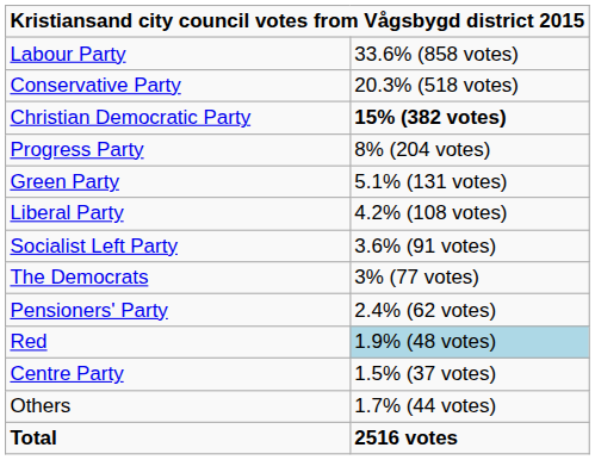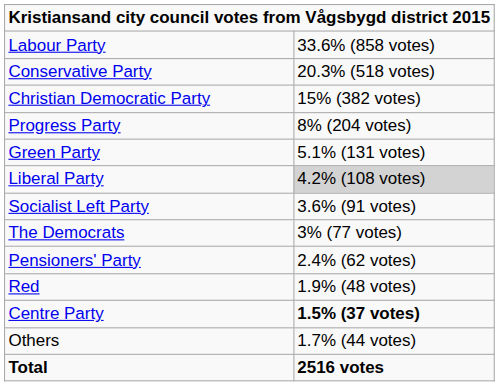 <table class="wikitable" style="center;">
 <tr>
 <td colspan="2"><strong>Kristiansand city council votes from Vågsbygd district 2015</strong></td>
 </tr>
 <tr>
 <td><a href='#'>Labour Party</a></td>
 <td>33.6% (858 votes)</td>
 </tr>
 <tr>
 <td><a href='#'>Conservative Party</a></td>
 <td>20.3% (518 votes)</td>
 </tr>
 <tr>
 <td><a href='#'>Christian Democratic Party</a></td>
-<td><strong>15% (382 votes)</strong></td>
+<td>15% (382 votes)</td>
 </tr>
 <tr>
 <td><a href='#'>Progress Party</a></td>
 <td>8% (204 votes)</td>
 </tr>
 <tr>
 <td><a href='#'>Green Party</a></td>
 <td>5.1% (131 votes)</td>
 </tr>
 <tr>
 <td><a href='#'>Liberal Party</a></td>
-<td>4.2% (108 votes)</td>
+<td style="background: lightgrey;">4.2% (108 votes)</td>
 </tr>
 <tr>
 <td><a href='#'>Socialist Left Party</a></td>
 <td>3.6% (91 votes)</td>
 </tr>
 <tr>
 <td><a href='#'>The Democrats</a></td>
 <td>3% (77 votes)</td>
 </tr>
 <tr>
 <td><a href='#'>Pensioners' Party</a></td>
 <td>2.4% (62 votes)</td>
 </tr>
 <tr>
 <td><a href='#'>Red</a></td>
-<td style="background: lightblue;">1.9% (48 votes)</td>
+<td>1.9% (48 votes)</td>
 </tr>
 <tr>
 <td><a href='#'>Centre Party</a></td>
-<td>1.5% (37 votes)</td>
+<td><strong>1.5% (37 votes)</strong></td>
 </tr>
 <tr>
 <td>Others</td>
 <td>1.7% (44 votes)</td>
 </tr>
 <tr>
 <td><strong>Total</strong></td>
 <td><strong>2516 votes</strong></td>
 </tr>
 </table>
